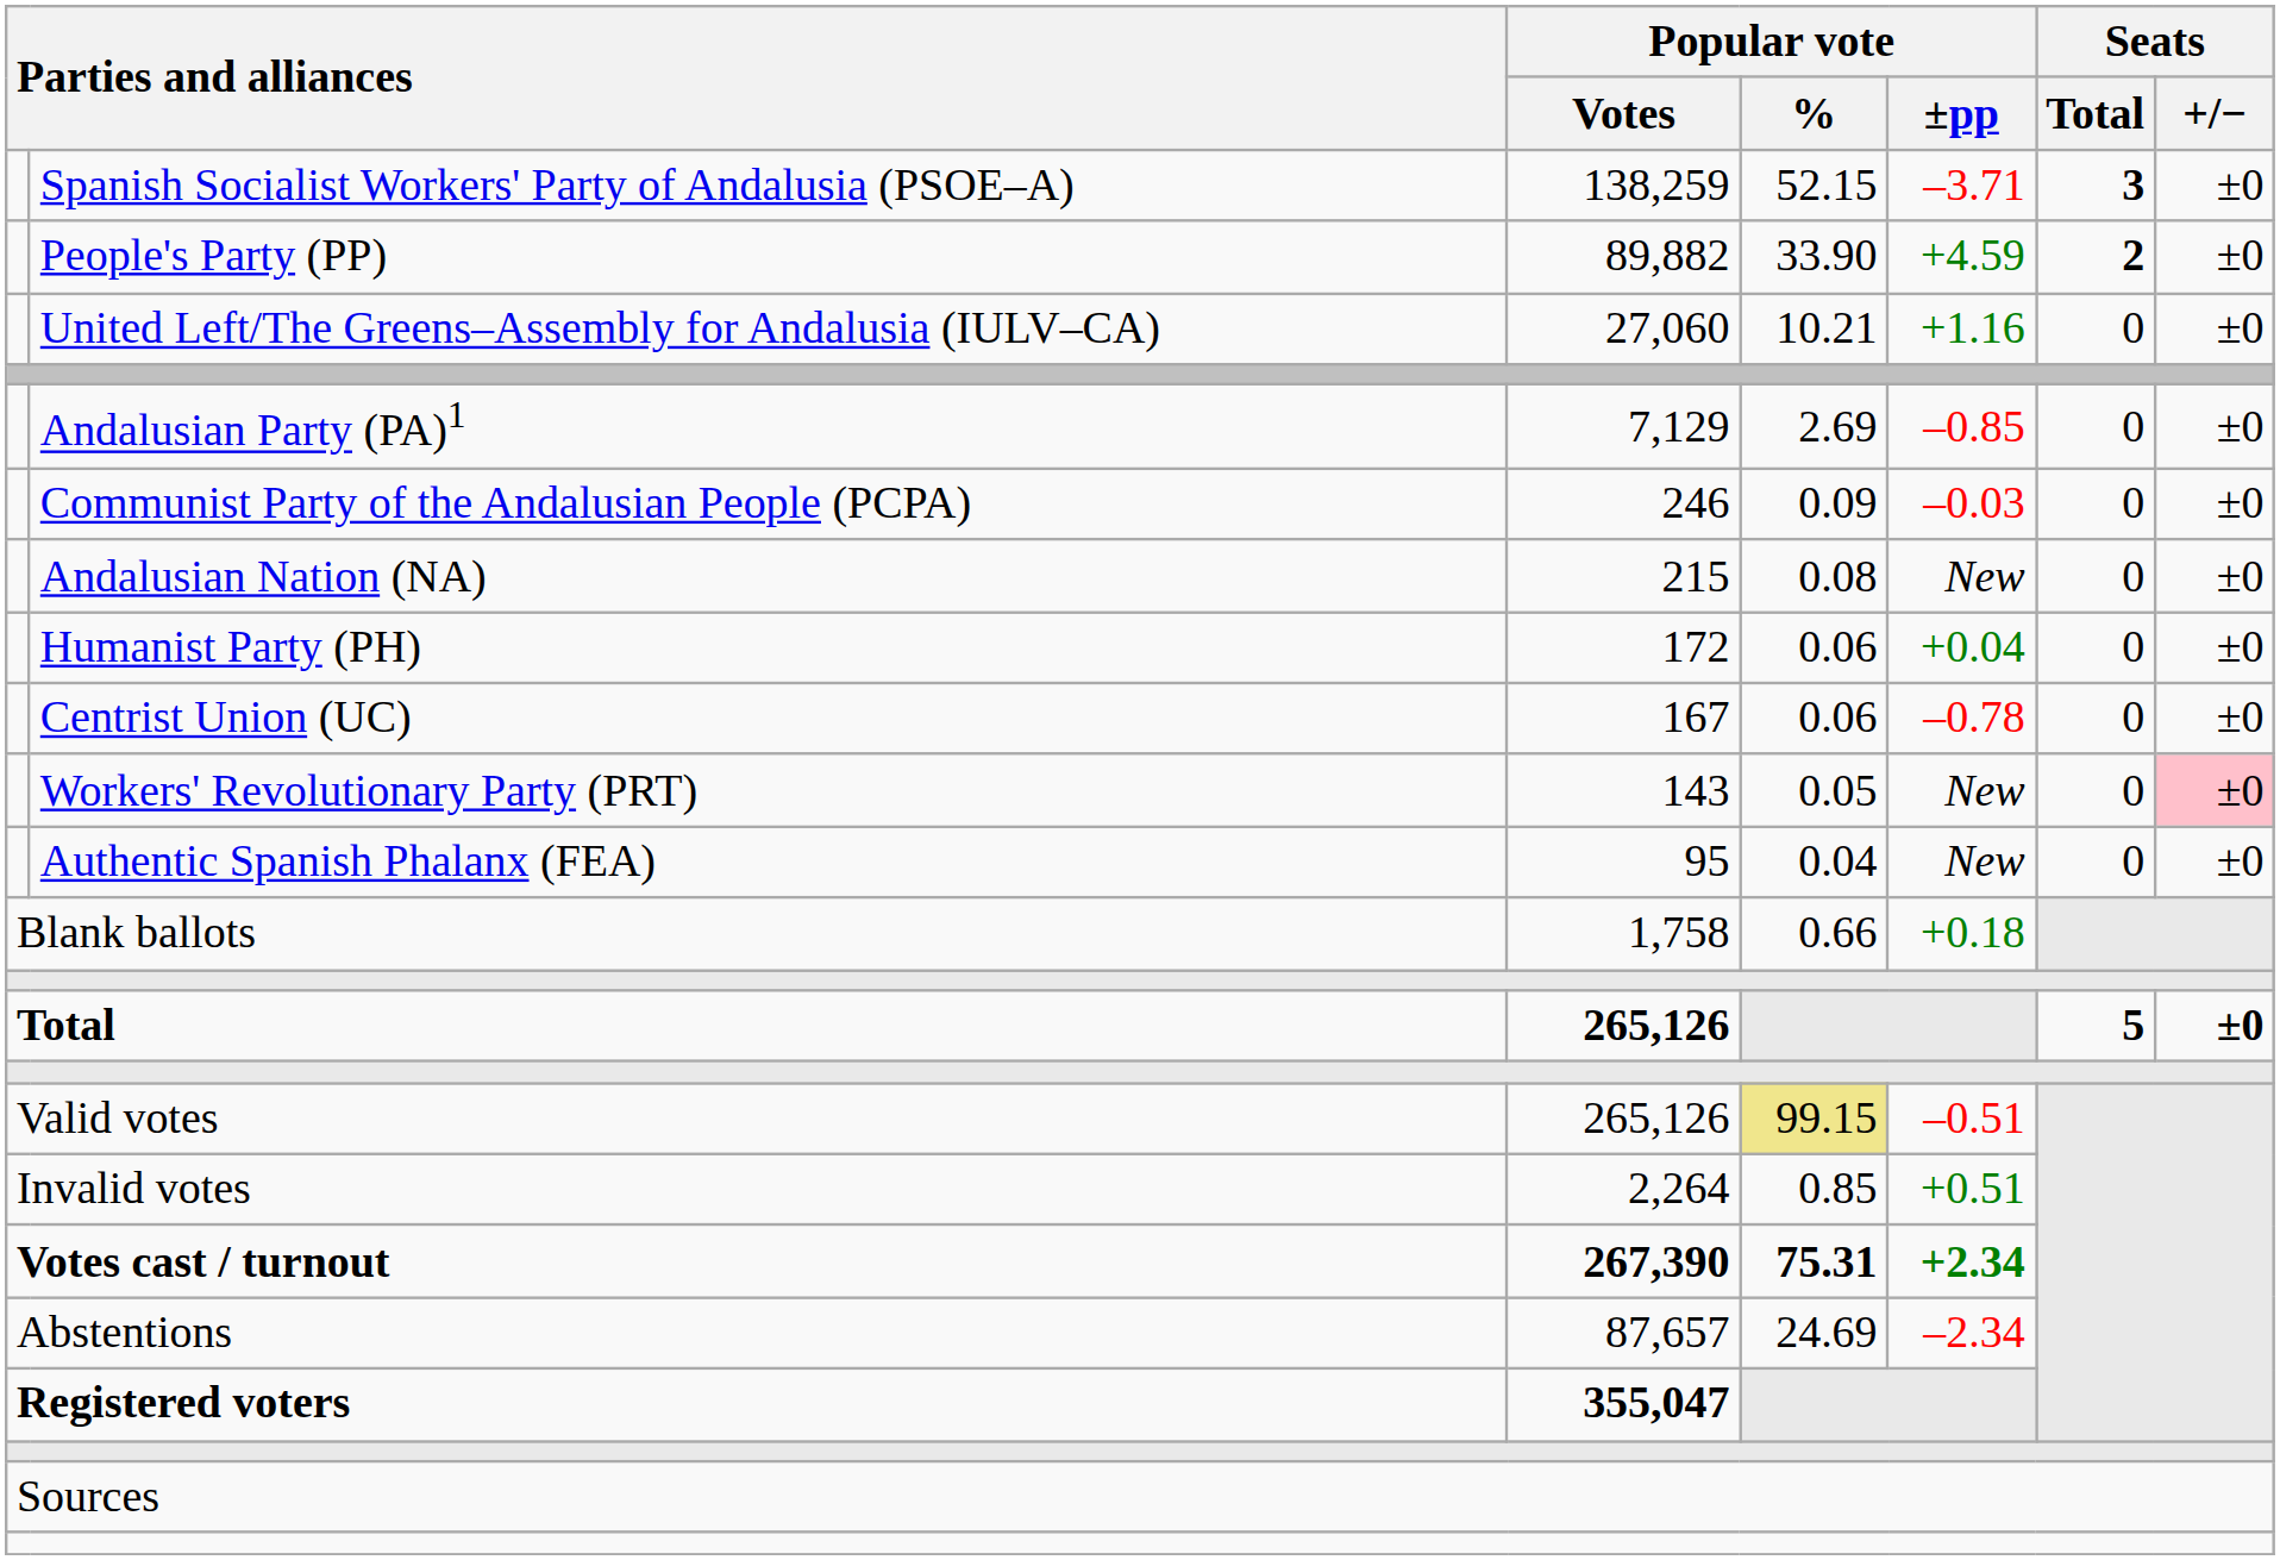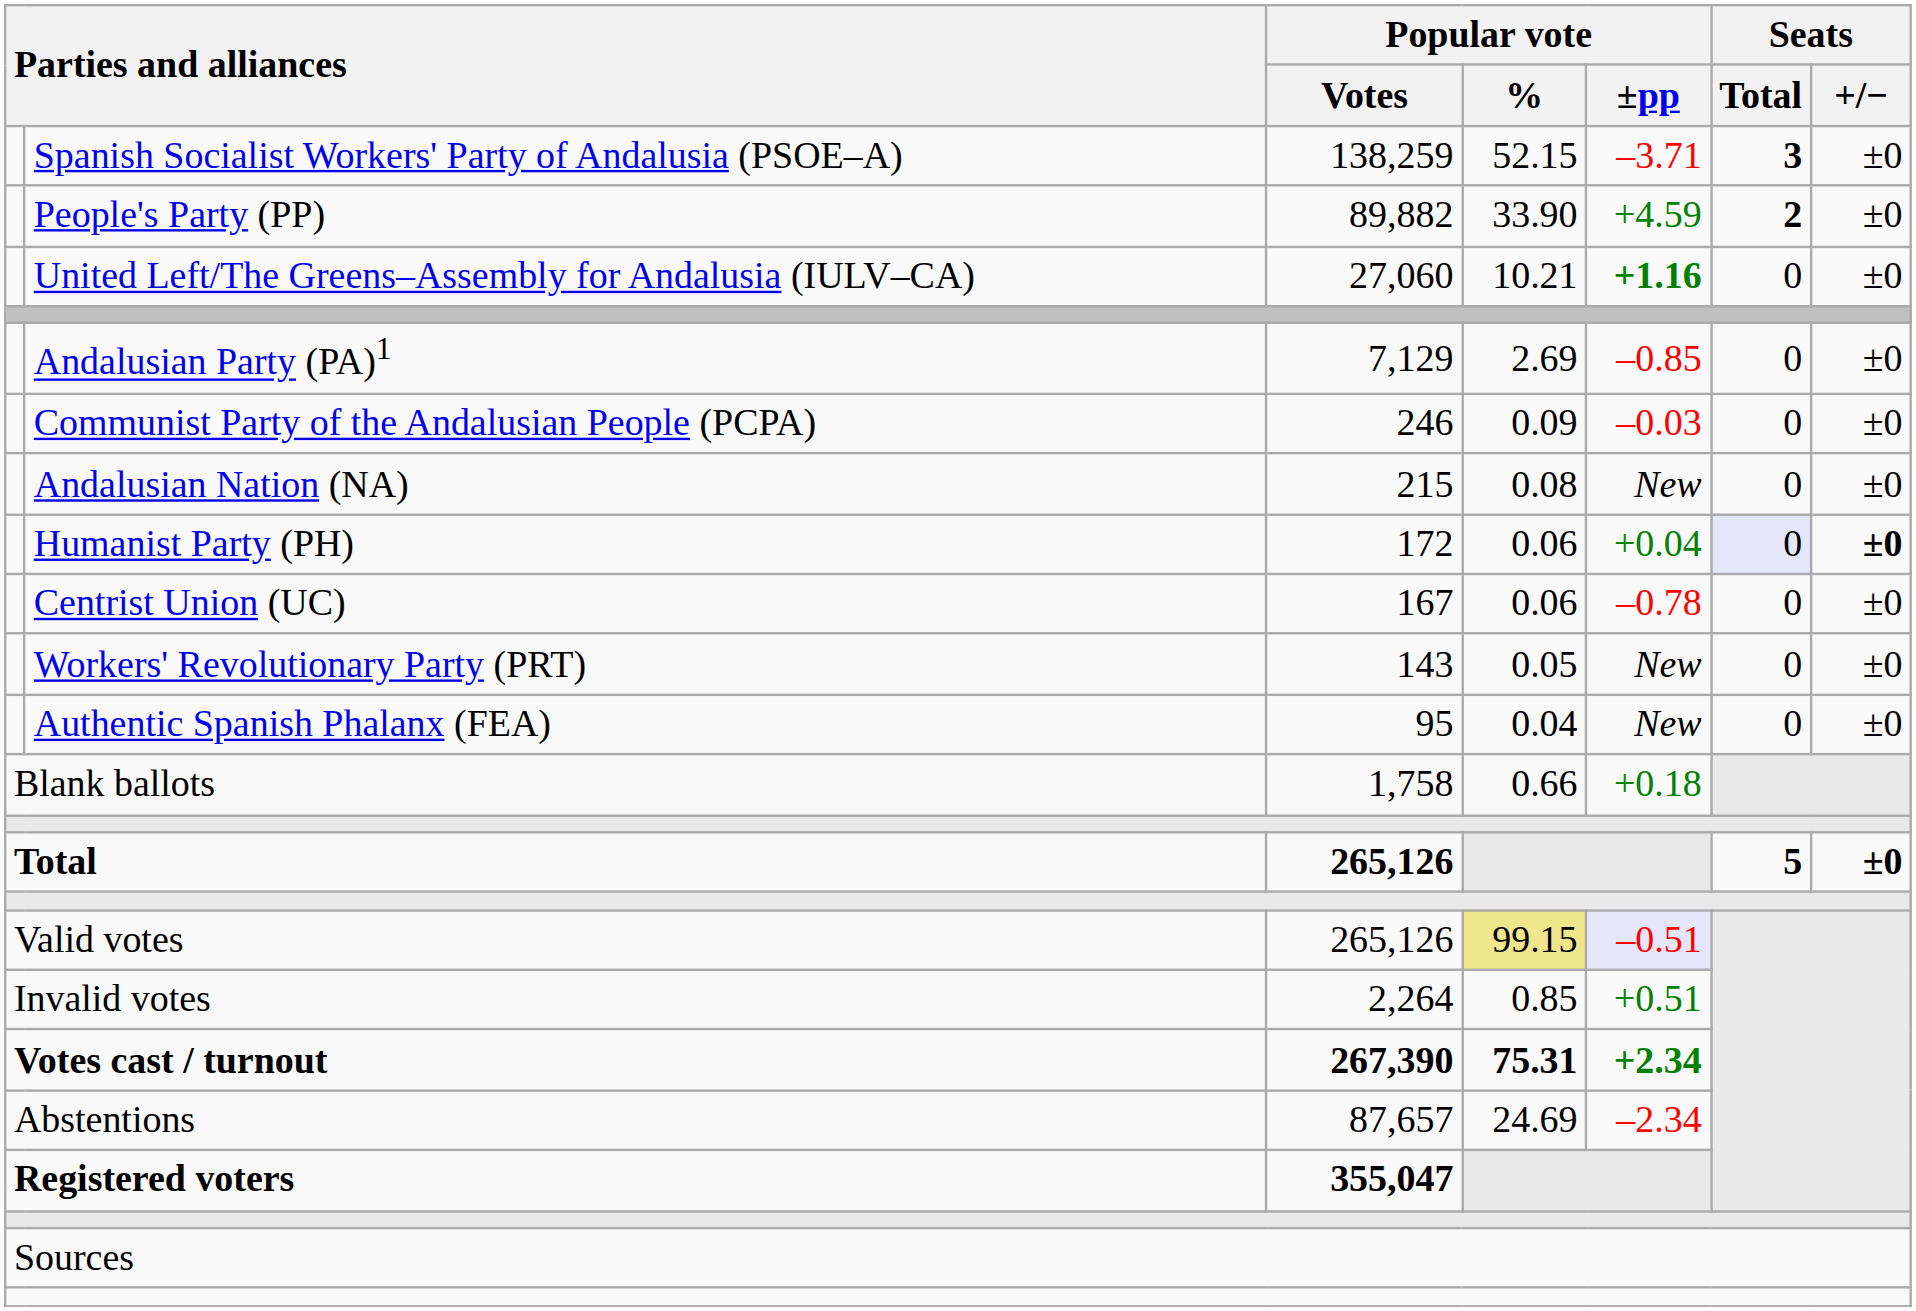 <table class="wikitable" style="text-align:right;">
 <tr>
 <th style="text-align:left;" rowspan="2" colspan="2" width="525">Parties and alliances</th>
 <th colspan="3">Popular vote</th>
 <th colspan="2">Seats</th>
 </tr>
 <tr>
 <th width="75">Votes</th>
 <th width="45">%</th>
 <th width="45">±<a href='#'>pp</a></th>
 <th width="35">Total</th>
 <th width="35">+/−</th>
 </tr>
 <tr>
 <td width="1" style="color:inherit;background:"></td>
 <td align="left"><a href='#'>Spanish Socialist Workers' Party of Andalusia</a> (PSOE–A)</td>
 <td>138,259</td>
 <td>52.15</td>
 <td style="color:red;">–3.71</td>
 <td><strong>3</strong></td>
 <td>±0</td>
 </tr>
 <tr>
 <td style="color:inherit;background:"></td>
 <td align="left"><a href='#'>People's Party</a> (PP)</td>
 <td>89,882</td>
 <td>33.90</td>
 <td style="color:green;">+4.59</td>
 <td><strong>2</strong></td>
 <td>±0</td>
 </tr>
 <tr>
 <td style="color:inherit;background:"></td>
 <td align="left"><a href='#'>United Left/The Greens–Assembly for Andalusia</a> (IULV–CA)</td>
 <td>27,060</td>
 <td>10.21</td>
-<td style="color:green;">+1.16</td>
+<td style="color:green;"><strong>+1.16</strong></td>
 <td>0</td>
 <td>±0</td>
 </tr>
 <tr>
 <td colspan="7" bgcolor="#C0C0C0"></td>
 </tr>
 <tr>
 <td style="color:inherit;background:"></td>
 <td align="left"><a href='#'>Andalusian Party</a> (PA)<sup>1</sup></td>
 <td>7,129</td>
 <td>2.69</td>
 <td style="color:red;">–0.85</td>
 <td>0</td>
 <td>±0</td>
 </tr>
 <tr>
 <td style="color:inherit;background:"></td>
 <td align="left"><a href='#'>Communist Party of the Andalusian People</a> (PCPA)</td>
 <td>246</td>
 <td>0.09</td>
 <td style="color:red;">–0.03</td>
 <td>0</td>
 <td>±0</td>
 </tr>
 <tr>
 <td style="color:inherit;background:"></td>
 <td align="left"><a href='#'>Andalusian Nation</a> (NA)</td>
 <td>215</td>
 <td>0.08</td>
 <td><em>New</em></td>
 <td>0</td>
 <td>±0</td>
 </tr>
 <tr>
 <td style="color:inherit;background:"></td>
 <td align="left"><a href='#'>Humanist Party</a> (PH)</td>
 <td>172</td>
 <td>0.06</td>
 <td style="color:green;">+0.04</td>
-<td>0</td>
-<td>±0</td>
+<td style="background: lavender;">0</td>
+<td><strong>±0</strong></td>
 </tr>
 <tr>
 <td style="color:inherit;background:"></td>
 <td align="left"><a href='#'>Centrist Union</a> (UC)</td>
 <td>167</td>
 <td>0.06</td>
 <td style="color:red;">–0.78</td>
 <td>0</td>
 <td>±0</td>
 </tr>
 <tr>
 <td style="color:inherit;background:"></td>
 <td align="left"><a href='#'>Workers' Revolutionary Party</a> (PRT)</td>
 <td>143</td>
 <td>0.05</td>
 <td><em>New</em></td>
 <td>0</td>
-<td style="background: pink;">±0</td>
+<td>±0</td>
 </tr>
 <tr>
 <td style="color:inherit;background:"></td>
 <td align="left"><a href='#'>Authentic Spanish Phalanx</a> (FEA)</td>
 <td>95</td>
 <td>0.04</td>
 <td><em>New</em></td>
 <td>0</td>
 <td>±0</td>
 </tr>
 <tr>
 <td align="left" colspan="2">Blank ballots</td>
 <td>1,758</td>
 <td>0.66</td>
 <td style="color:green;">+0.18</td>
 <td bgcolor="#E9E9E9" colspan="2"></td>
 </tr>
 <tr>
 <td colspan="7" bgcolor="#E9E9E9"></td>
 </tr>
 <tr style="font-weight:bold;">
 <td align="left" colspan="2">Total</td>
 <td>265,126</td>
 <td bgcolor="#E9E9E9" colspan="2"></td>
 <td>5</td>
 <td>±0</td>
 </tr>
 <tr>
 <td colspan="7" bgcolor="#E9E9E9"></td>
 </tr>
 <tr>
 <td align="left" colspan="2">Valid votes</td>
 <td>265,126</td>
 <td style="background: khaki;">99.15</td>
-<td style="color:red;">–0.51</td>
+<td style="background: lavender; color:red;">–0.51</td>
 <td bgcolor="#E9E9E9" colspan="2" rowspan="5"></td>
 </tr>
 <tr>
 <td align="left" colspan="2">Invalid votes</td>
 <td>2,264</td>
 <td>0.85</td>
 <td style="color:green;">+0.51</td>
 </tr>
 <tr style="font-weight:bold;">
 <td align="left" colspan="2">Votes cast / turnout</td>
 <td>267,390</td>
 <td>75.31</td>
 <td style="color:green;">+2.34</td>
 </tr>
 <tr>
 <td align="left" colspan="2">Abstentions</td>
 <td>87,657</td>
 <td>24.69</td>
 <td style="color:red;">–2.34</td>
 </tr>
 <tr style="font-weight:bold;">
 <td align="left" colspan="2">Registered voters</td>
 <td>355,047</td>
 <td bgcolor="#E9E9E9" colspan="2"></td>
 </tr>
 <tr>
 <td colspan="7" bgcolor="#E9E9E9"></td>
 </tr>
 <tr>
 <td align="left" colspan="7">Sources</td>
 </tr>
 <tr>
 <td colspan="7" style="text-align:left; max-width:790px;"></td>
 </tr>
 </table>
